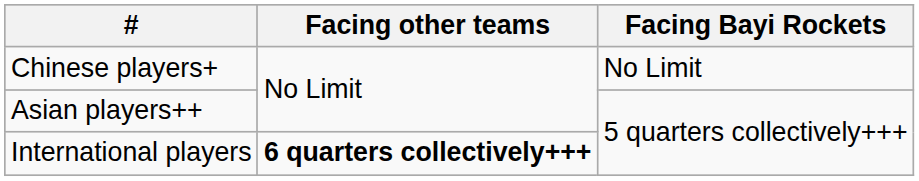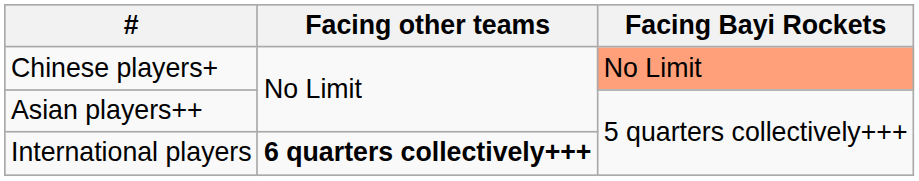 <table class="wikitable">
 <tr>
 <th>#</th>
 <th>Facing other teams</th>
 <th>Facing Bayi Rockets</th>
 </tr>
 <tr>
 <td>Chinese players+</td>
 <td rowspan=2>No Limit</td>
-<td>No Limit</td>
+<td style="background: lightsalmon;">No Limit</td>
 </tr>
 <tr>
 <td>Asian players++</td>
 <td rowspan=2>5 quarters collectively+++</td>
 </tr>
 <tr>
 <td>International players</td>
 <td><strong>6 quarters collectively+++</strong></td>
 </tr>
 </table>
